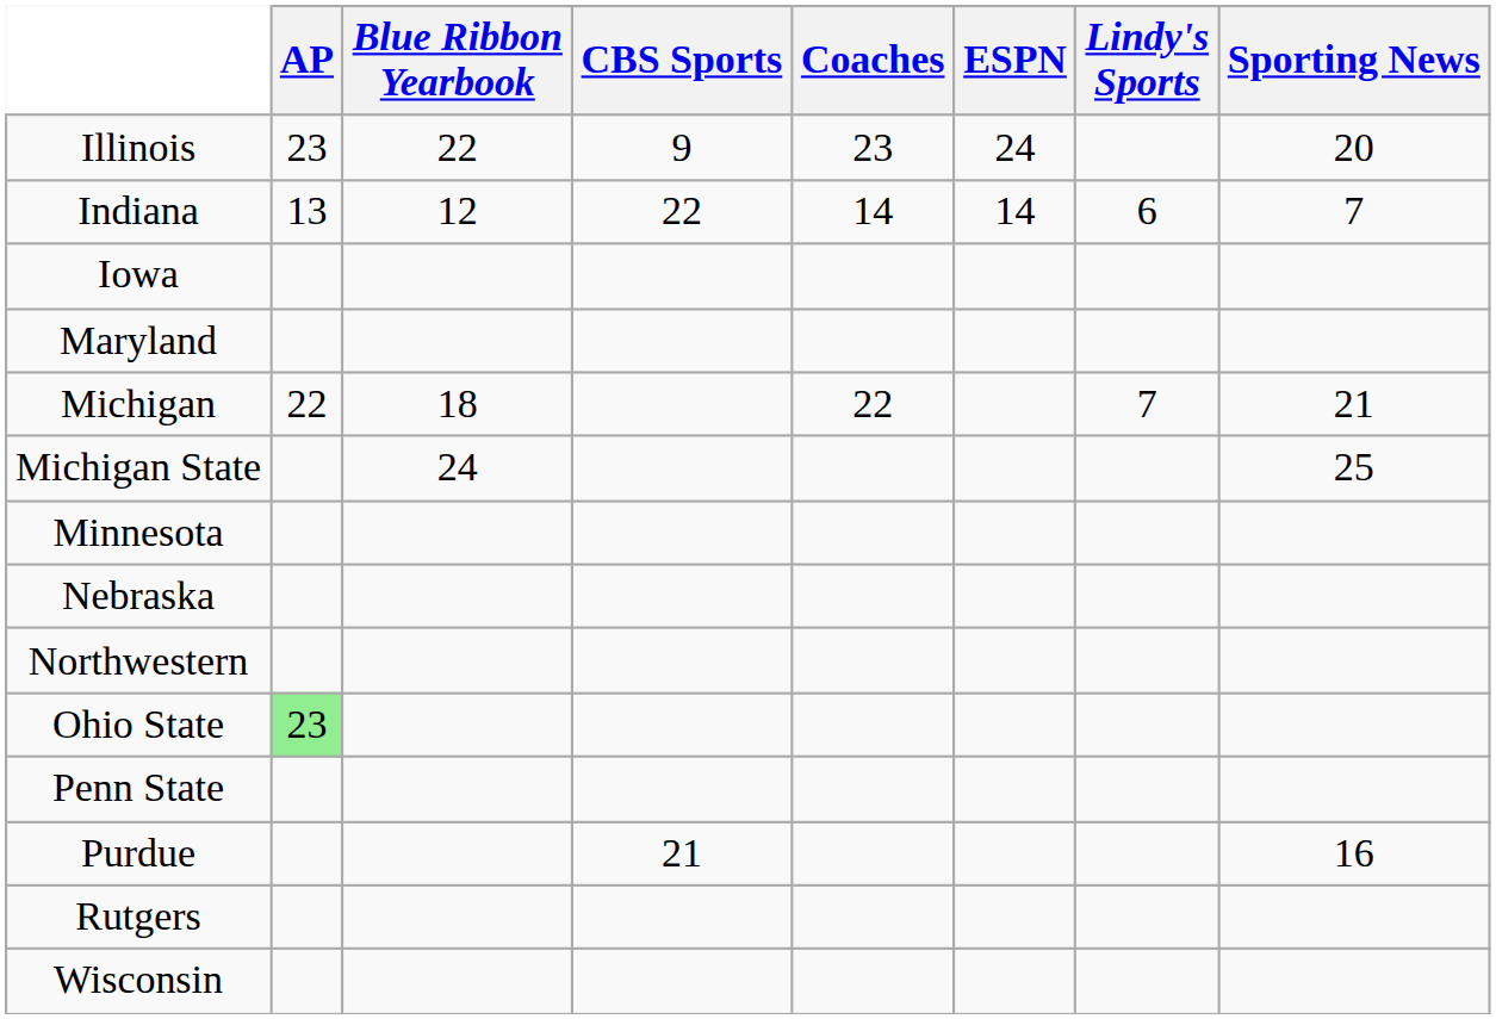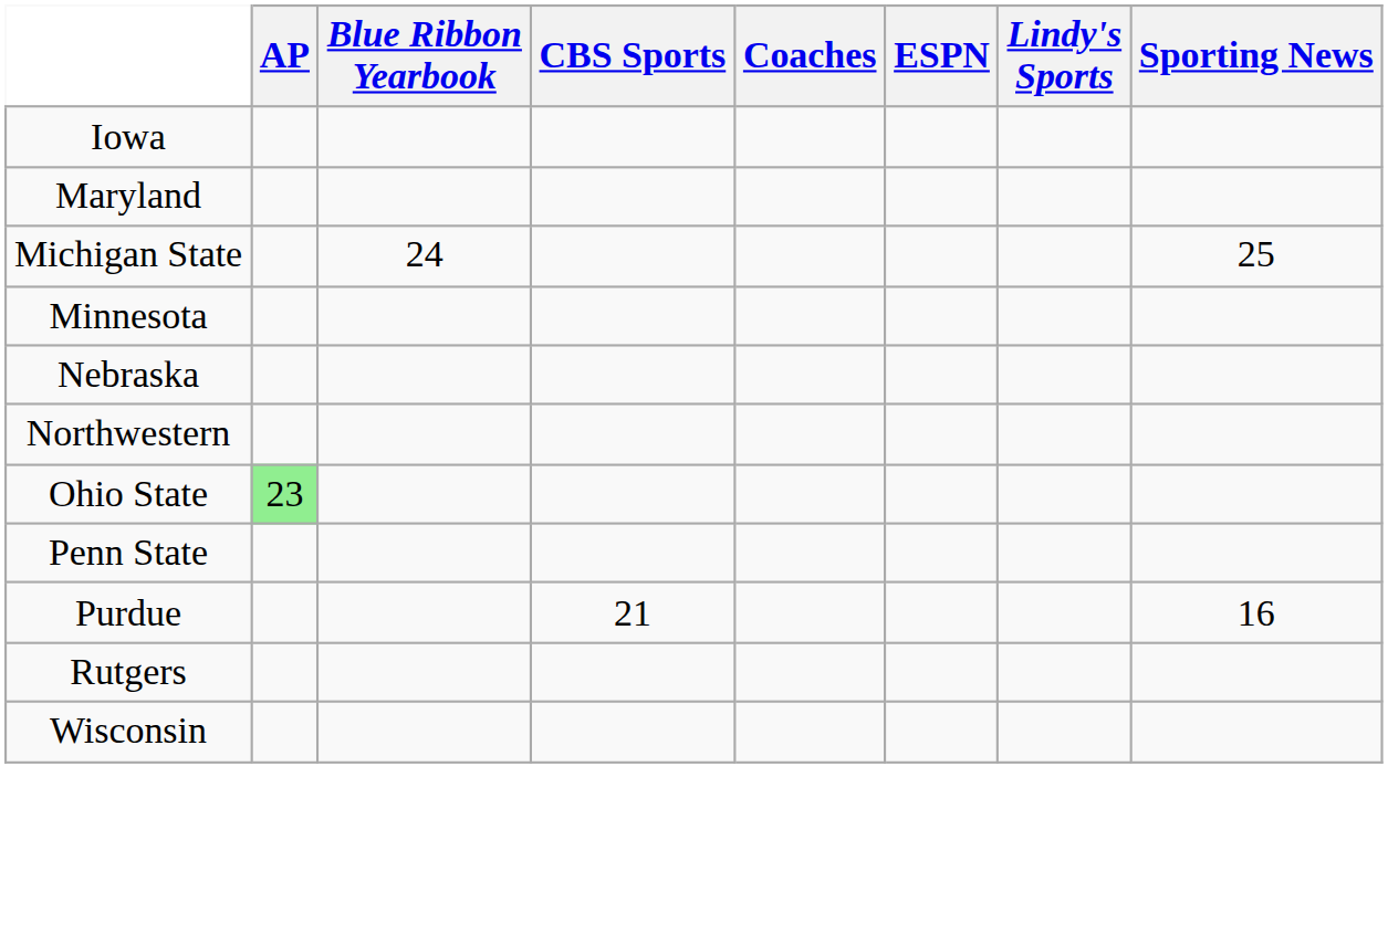 <table class="wikitable" style="white-space:nowrap; text-align:center">
 <tr>
 <td style="background:white; border-top-style:hidden; border-left-style:hidden;"></td>
 <th><a href='#'>AP</a></th>
 <th><em><a href='#'>Blue Ribbon<br>Yearbook</a></em></th>
 <th><a href='#'>CBS Sports</a></th>
 <th><a href='#'>Coaches</a></th>
 <th><a href='#'>ESPN</a></th>
 <th><em><a href='#'>Lindy's<br>Sports</a></em></th>
 <th><a href='#'>Sporting News</a></th>
-</tr>
-<tr>
-<td style="background:#">Illinois</td>
-<td>23</td>
-<td>22</td>
-<td>9</td>
-<td>23</td>
-<td>24</td>
-<td></td>
-<td>20</td>
-</tr>
-<tr>
-<td style=>Indiana</td>
-<td>13</td>
-<td>12</td>
-<td>22</td>
-<td>14</td>
-<td>14</td>
-<td>6</td>
-<td>7</td>
 </tr>
 <tr>
 <td style=>Iowa</td>
 <td></td>
 <td></td>
 <td></td>
 <td></td>
 <td></td>
 <td></td>
 <td></td>
 </tr>
 <tr>
 <td style=>Maryland</td>
 <td></td>
 <td></td>
 <td></td>
 <td></td>
 <td></td>
 <td></td>
 <td></td>
-</tr>
-<tr>
-<td style=>Michigan</td>
-<td>22</td>
-<td>18</td>
-<td></td>
-<td>22</td>
-<td></td>
-<td>7</td>
-<td>21</td>
 </tr>
 <tr>
 <td style=>Michigan State</td>
 <td></td>
 <td>24</td>
 <td></td>
 <td></td>
 <td></td>
 <td></td>
 <td>25</td>
 </tr>
 <tr>
 <td style=>Minnesota</td>
 <td></td>
 <td></td>
 <td></td>
 <td></td>
 <td></td>
 <td></td>
 <td></td>
 </tr>
 <tr>
 <td style=>Nebraska</td>
 <td></td>
 <td></td>
 <td></td>
 <td></td>
 <td></td>
 <td></td>
 <td></td>
 </tr>
 <tr>
 <td style=>Northwestern</td>
 <td></td>
 <td></td>
 <td></td>
 <td></td>
 <td></td>
 <td></td>
 <td></td>
 </tr>
 <tr>
 <td style=>Ohio State</td>
 <td style="background: lightgreen;">23</td>
 <td></td>
 <td></td>
 <td></td>
 <td></td>
 <td></td>
 <td></td>
 </tr>
 <tr>
 <td style=>Penn State</td>
 <td></td>
 <td></td>
 <td></td>
 <td></td>
 <td></td>
 <td></td>
 <td></td>
 </tr>
 <tr>
 <td style=>Purdue</td>
 <td></td>
 <td></td>
 <td>21</td>
 <td></td>
 <td></td>
 <td></td>
 <td>16</td>
 </tr>
 <tr>
 <td style=>Rutgers</td>
 <td></td>
 <td></td>
 <td></td>
 <td></td>
 <td></td>
 <td></td>
 <td></td>
 </tr>
 <tr>
 <td style=>Wisconsin</td>
 <td></td>
 <td></td>
 <td></td>
 <td></td>
 <td></td>
 <td></td>
 <td></td>
 </tr>
 </table>
